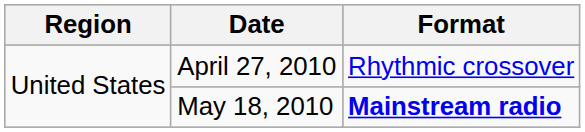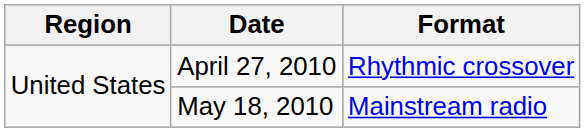 <table class="wikitable">
 <tr>
 <th>Region</th>
 <th>Date</th>
 <th>Format</th>
 </tr>
 <tr>
 <td rowspan="2">United States</td>
 <td>April 27, 2010</td>
 <td><a href='#'>Rhythmic crossover</a></td>
 </tr>
 <tr>
 <td>May 18, 2010</td>
-<td><strong><a href='#'>Mainstream radio</a></strong></td>
+<td><a href='#'>Mainstream radio</a></td>
 </tr>
 </table>
